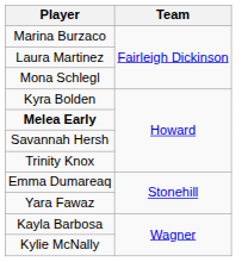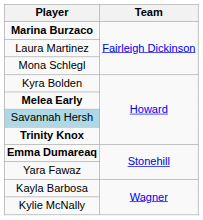 <table class="wikitable" style="text-align: center;">
 <tr>
 <th>Player</th>
 <th>Team</th>
 </tr>
 <tr>
-<td>Marina Burzaco</td>
+<td><strong>Marina Burzaco</strong></td>
 <td rowspan=3><a href='#'>Fairleigh Dickinson</a></td>
 </tr>
 <tr>
 <td>Laura Martinez</td>
 </tr>
 <tr>
 <td>Mona Schlegl</td>
 </tr>
 <tr>
 <td>Kyra Bolden</td>
 <td rowspan=4><a href='#'>Howard</a></td>
 </tr>
 <tr>
 <td><strong>Melea Early</strong></td>
 </tr>
 <tr>
-<td>Savannah Hersh</td>
+<td style="background: lightblue;">Savannah Hersh</td>
 </tr>
 <tr>
-<td>Trinity Knox</td>
+<td><strong>Trinity Knox</strong></td>
 </tr>
 <tr>
-<td>Emma Dumareaq</td>
+<td><strong>Emma Dumareaq</strong></td>
 <td rowspan=2><a href='#'>Stonehill</a></td>
 </tr>
 <tr>
 <td>Yara Fawaz</td>
 </tr>
 <tr>
 <td>Kayla Barbosa</td>
 <td rowspan=2><a href='#'>Wagner</a></td>
 </tr>
 <tr>
 <td>Kylie McNally</td>
 </tr>
 </table>
